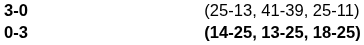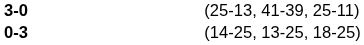 <table width=100% cellspacing=1>
 <tr>
 <th width=20%></th>
 <th width=12%></th>
 <th width=20%></th>
 <th width=33%></th>
 <td></td>
 </tr>
 <tr style=font-size:90%>
 <td align=right></td>
 <td align=center><strong>3-0</strong></td>
 <td></td>
 <td>(25-13, 41-39, 25-11)</td>
 <td></td>
 </tr>
 <tr style=font-size:90%>
 <td align=right></td>
 <td align=center><strong>0-3</strong></td>
 <td></td>
-<td><strong>(14-25, 13-25, 18-25)</strong></td>
+<td>(14-25, 13-25, 18-25)</td>
 </tr>
 </table>
